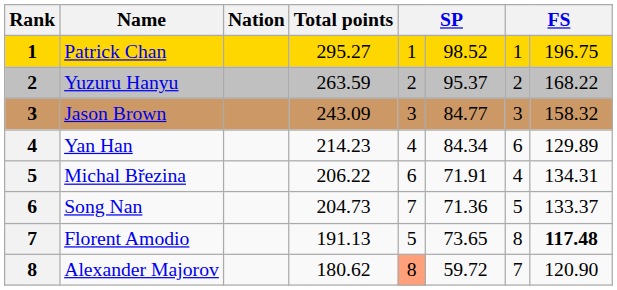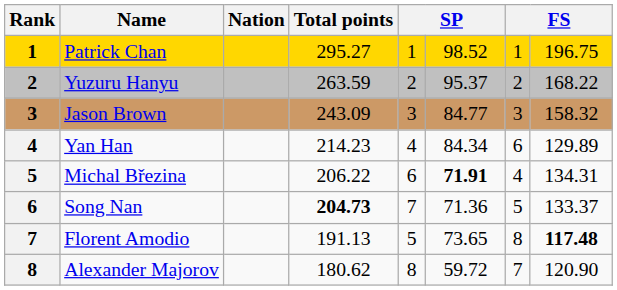 <table class="wikitable sortable">
 <tr>
 <th>Rank</th>
 <th>Name</th>
 <th>Nation</th>
 <th>Total points</th>
 <th colspan="2" width="80px"><a href='#'>SP</a></th>
 <th colspan="2" width="80px"><a href='#'>FS</a></th>
 </tr>
 <tr bgcolor="gold">
 <td align="center"><strong>1</strong></td>
 <td><a href='#'>Patrick Chan</a></td>
 <td></td>
 <td align="center">295.27</td>
 <td align="center">1</td>
 <td align="center">98.52</td>
 <td align="center">1</td>
 <td align="center">196.75</td>
 </tr>
 <tr bgcolor="silver">
 <td align="center"><strong>2</strong></td>
 <td><a href='#'>Yuzuru Hanyu</a></td>
 <td></td>
 <td align="center">263.59</td>
 <td align="center">2</td>
 <td align="center">95.37</td>
 <td align="center">2</td>
 <td align="center">168.22</td>
 </tr>
 <tr bgcolor="cc9966">
 <td align="center"><strong>3</strong></td>
 <td><a href='#'>Jason Brown</a></td>
 <td></td>
 <td align="center">243.09</td>
 <td align="center">3</td>
 <td align="center">84.77</td>
 <td align="center">3</td>
 <td align="center">158.32</td>
 </tr>
 <tr>
 <th>4</th>
 <td><a href='#'>Yan Han</a></td>
 <td></td>
 <td align="center">214.23</td>
 <td align="center">4</td>
 <td align="center">84.34</td>
 <td align="center">6</td>
 <td align="center">129.89</td>
 </tr>
 <tr>
 <th>5</th>
 <td><a href='#'>Michal Březina</a></td>
 <td></td>
 <td align="center">206.22</td>
 <td align="center">6</td>
-<td align="center">71.91</td>
+<td align="center"><strong>71.91</strong></td>
 <td align="center">4</td>
 <td align="center">134.31</td>
 </tr>
 <tr>
 <th>6</th>
 <td><a href='#'>Song Nan</a></td>
 <td></td>
-<td align="center">204.73</td>
+<td align="center"><strong>204.73</strong></td>
 <td align="center">7</td>
 <td align="center">71.36</td>
 <td align="center">5</td>
 <td align="center">133.37</td>
 </tr>
 <tr>
 <th>7</th>
 <td><a href='#'>Florent Amodio</a></td>
 <td></td>
 <td align="center">191.13</td>
 <td align="center">5</td>
 <td align="center">73.65</td>
 <td align="center">8</td>
 <td align="center"><strong>117.48</strong></td>
 </tr>
 <tr>
 <th>8</th>
 <td><a href='#'>Alexander Majorov</a></td>
 <td></td>
 <td align="center">180.62</td>
-<td align="center" style="background: lightsalmon;">8</td>
+<td align="center">8</td>
 <td align="center">59.72</td>
 <td align="center">7</td>
 <td align="center">120.90</td>
 </tr>
 </table>
